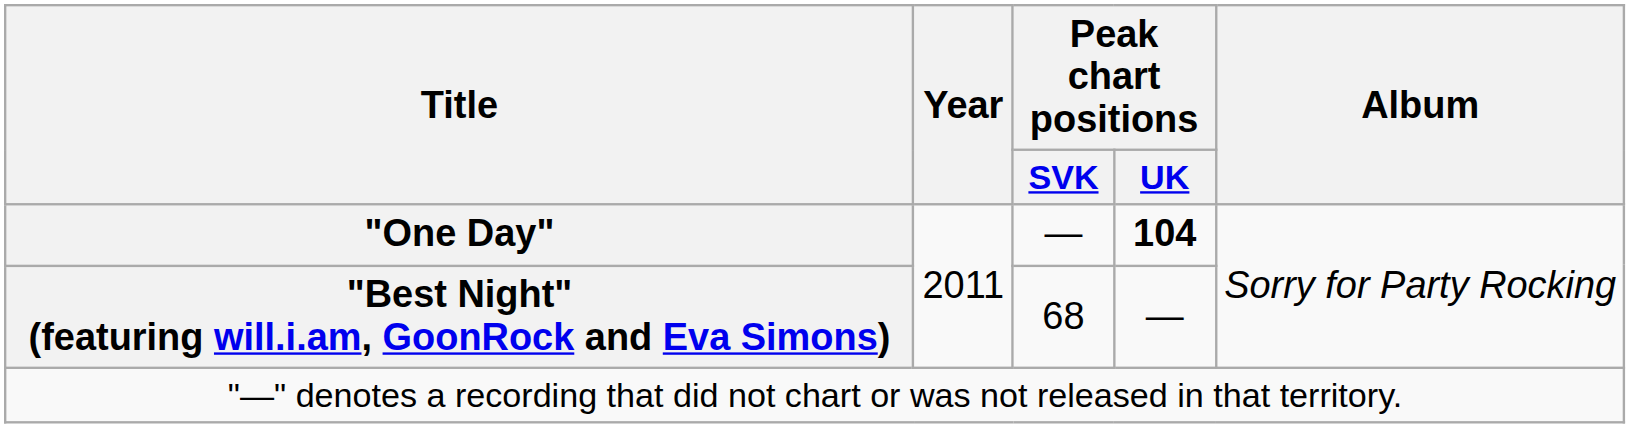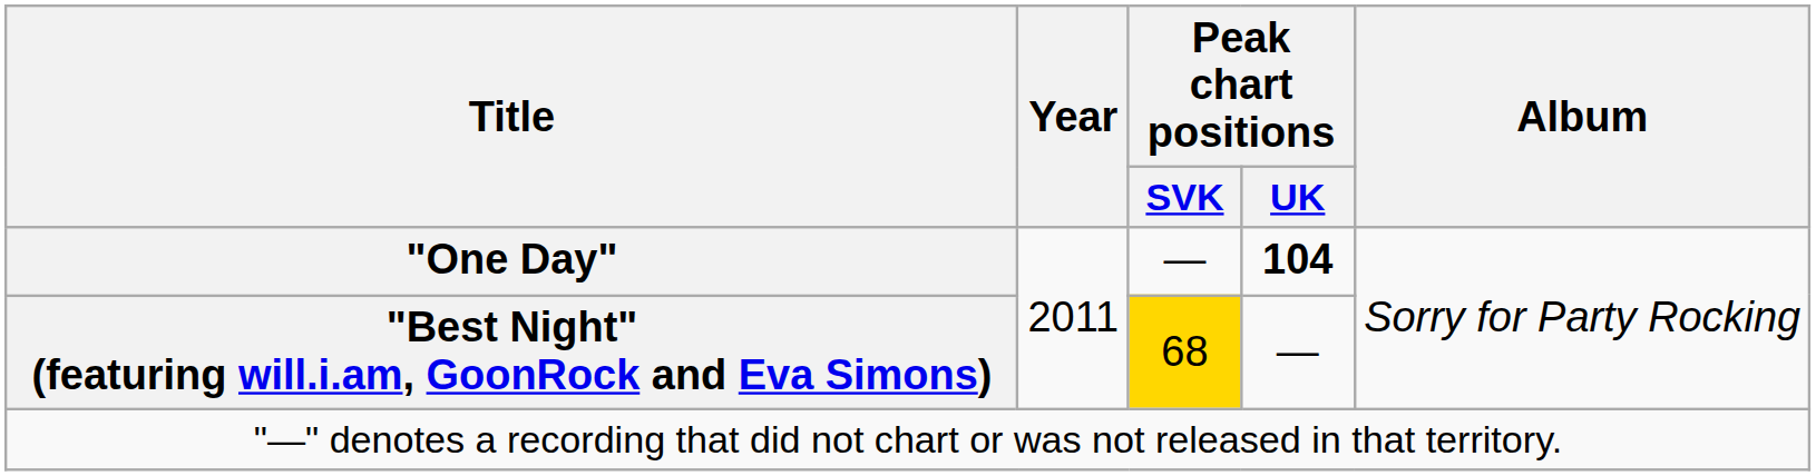 <table class="wikitable plainrowheaders" style="text-align:center;" border="1">
 <tr>
 <th scope="col" rowspan="2" style="width:23.5em;">Title</th>
 <th scope="col" rowspan="2">Year</th>
 <th scope="col" colspan="2">Peak chart positions</th>
 <th scope="col" rowspan="2">Album</th>
 </tr>
 <tr>
 <th scope="col" style="width:2.5em;font-size:90%;"><a href='#'>SVK</a><br></th>
 <th scope="col" style="width:2.5em;font-size:90%;"><a href='#'>UK</a><br></th>
 </tr>
 <tr>
 <th scope="row">"One Day"</th>
 <td rowspan="2">2011</td>
 <td>—</td>
 <td><strong>104</strong></td>
 <td rowspan="2"><em>Sorry for Party Rocking</em></td>
 </tr>
 <tr>
 <th scope="row">"Best Night"<br><span>(featuring <a href='#'>will.i.am</a>, <a href='#'>GoonRock</a> and <a href='#'>Eva Simons</a>)</span></th>
-<td>68</td>
+<td style="background: gold;">68</td>
 <td>—</td>
 </tr>
 <tr>
 <td colspan="5" style="font-size:90%">"—" denotes a recording that did not chart or was not released in that territory.</td>
 </tr>
 </table>
